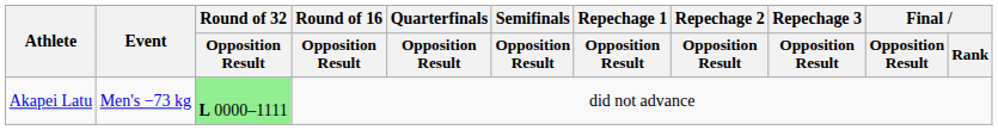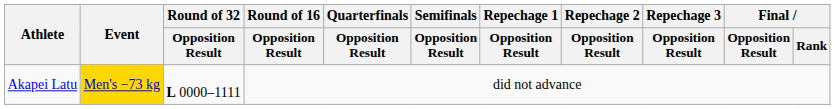 <table class="wikitable" style="font-size:90%">
 <tr>
 <th rowspan="2">Athlete</th>
 <th rowspan="2">Event</th>
 <th>Round of 32</th>
 <th>Round of 16</th>
 <th>Quarterfinals</th>
 <th>Semifinals</th>
 <th>Repechage 1</th>
 <th>Repechage 2</th>
 <th>Repechage 3</th>
 <th colspan=2>Final / </th>
 </tr>
 <tr style="font-size:95%">
 <th>Opposition<br>Result</th>
 <th>Opposition<br>Result</th>
 <th>Opposition<br>Result</th>
 <th>Opposition<br>Result</th>
 <th>Opposition<br>Result</th>
 <th>Opposition<br>Result</th>
 <th>Opposition<br>Result</th>
 <th>Opposition<br>Result</th>
 <th>Rank</th>
 </tr>
 <tr align=center>
 <td align=left><a href='#'>Akapei Latu</a></td>
-<td align=left><a href='#'>Men's −73 kg</a></td>
-<td style="background: lightgreen;"><br><strong>L</strong> 0000–1111</td>
+<td align=left style="background: gold;"><a href='#'>Men's −73 kg</a></td>
+<td><br><strong>L</strong> 0000–1111</td>
 <td colspan=8>did not advance</td>
 </tr>
 </table>
